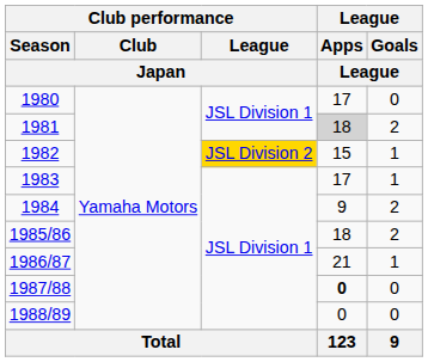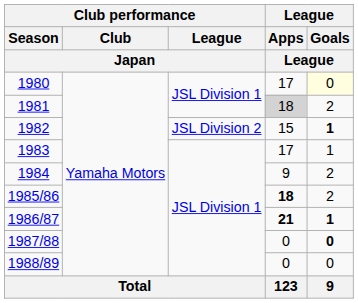 <table class="wikitable" style="text-align:center;">
 <tr>
 <th colspan=3>Club performance</th>
 <th colspan=2>League</th>
 </tr>
 <tr>
 <th>Season</th>
 <th>Club</th>
 <th>League</th>
 <th>Apps</th>
 <th>Goals</th>
 </tr>
 <tr>
 <th colspan=3>Japan</th>
 <th colspan=2>League</th>
 </tr>
 <tr>
 <td><a href='#'>1980</a></td>
 <td rowspan="9"><a href='#'>Yamaha Motors</a></td>
 <td rowspan="2"><a href='#'>JSL Division 1</a></td>
 <td>17</td>
-<td>0</td>
+<td style="background: lightyellow;">0</td>
 </tr>
 <tr>
 <td><a href='#'>1981</a></td>
 <td style="background: lightgrey;">18</td>
 <td>2</td>
 </tr>
 <tr>
 <td><a href='#'>1982</a></td>
-<td style="background: gold;"><a href='#'>JSL Division 2</a></td>
+<td><a href='#'>JSL Division 2</a></td>
 <td>15</td>
-<td>1</td>
+<td><strong>1</strong></td>
 </tr>
 <tr>
 <td><a href='#'>1983</a></td>
 <td rowspan="6"><a href='#'>JSL Division 1</a></td>
 <td>17</td>
 <td>1</td>
 </tr>
 <tr>
 <td><a href='#'>1984</a></td>
 <td>9</td>
 <td>2</td>
 </tr>
 <tr>
 <td><a href='#'>1985/86</a></td>
-<td>18</td>
+<td><strong>18</strong></td>
 <td>2</td>
 </tr>
 <tr>
 <td><a href='#'>1986/87</a></td>
-<td>21</td>
-<td>1</td>
+<td><strong>21</strong></td>
+<td><strong>1</strong></td>
 </tr>
 <tr>
 <td><a href='#'>1987/88</a></td>
+<td>0</td>
 <td><strong>0</strong></td>
-<td>0</td>
 </tr>
 <tr>
 <td><a href='#'>1988/89</a></td>
 <td>0</td>
 <td>0</td>
 </tr>
 <tr>
 <th colspan=3>Total</th>
 <th>123</th>
 <th>9</th>
 </tr>
 </table>
